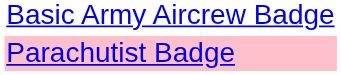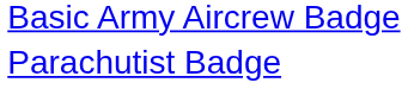 <table>
 <tr>
 <td> <a href='#'>Basic Army Aircrew Badge</a></td>
 </tr>
 <tr>
-<td style="background: pink;"> <a href='#'>Parachutist Badge</a></td>
+<td> <a href='#'>Parachutist Badge</a></td>
 </tr>
 </table>
